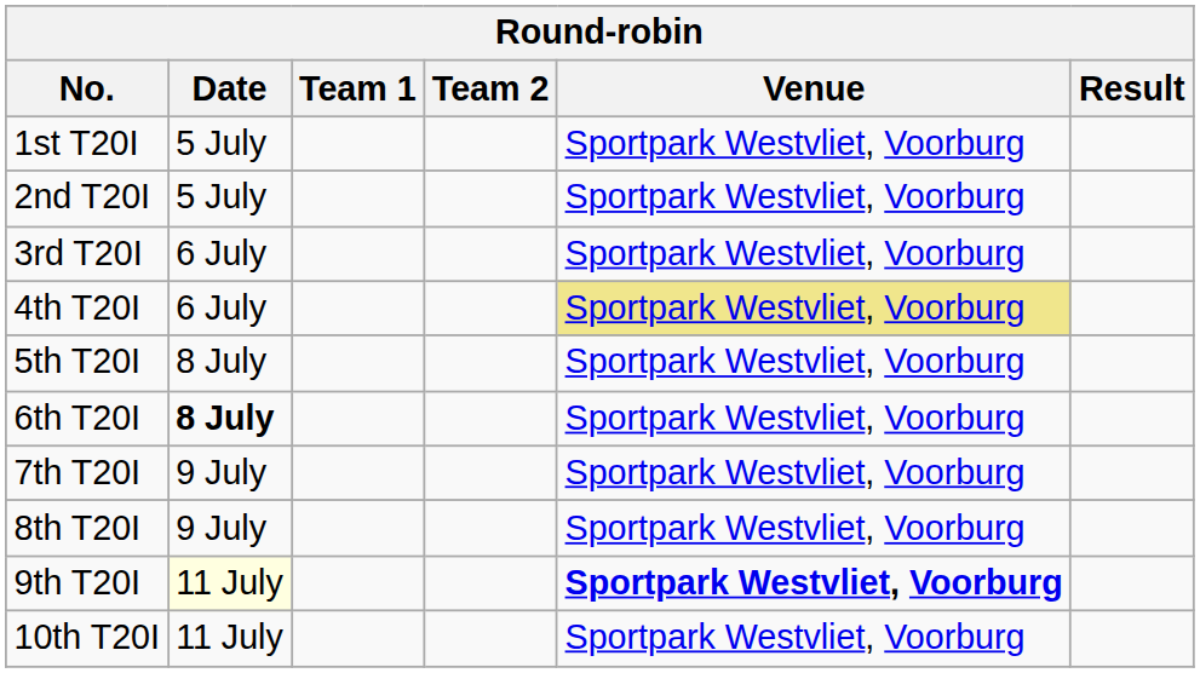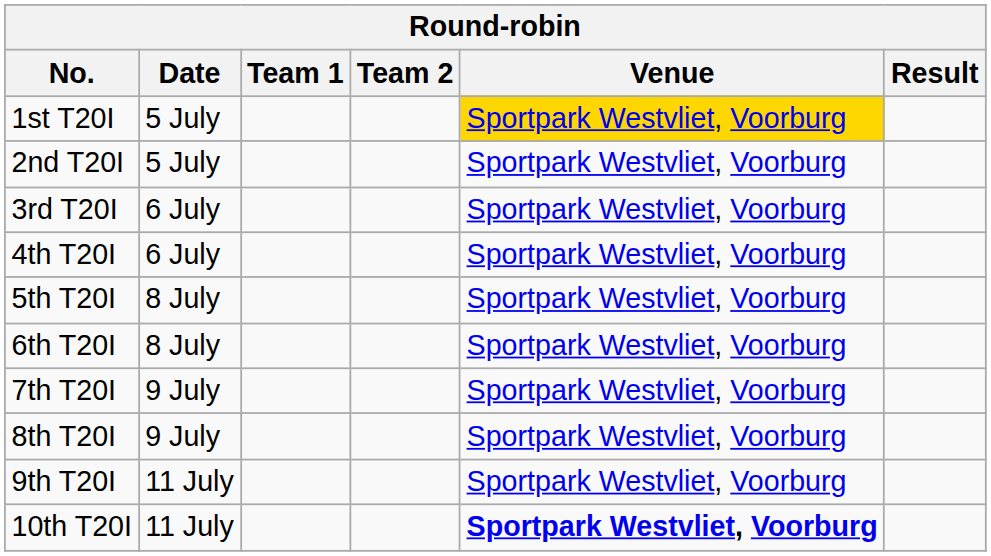 <table class="wikitable">
 <tr>
 <th colspan="6">Round-robin</th>
 </tr>
 <tr>
 <th>No.</th>
 <th>Date</th>
 <th>Team 1</th>
 <th>Team 2</th>
 <th>Venue</th>
 <th>Result</th>
 </tr>
 <tr>
 <td>1st T20I</td>
 <td>5 July</td>
 <td></td>
 <td></td>
-<td><a href='#'>Sportpark Westvliet</a>, <a href='#'>Voorburg</a></td>
+<td style="background: gold;"><a href='#'>Sportpark Westvliet</a>, <a href='#'>Voorburg</a></td>
 <td></td>
 </tr>
 <tr>
 <td>2nd T20I</td>
 <td>5 July</td>
 <td></td>
 <td></td>
 <td><a href='#'>Sportpark Westvliet</a>, <a href='#'>Voorburg</a></td>
 <td></td>
 </tr>
 <tr>
 <td>3rd T20I</td>
 <td>6 July</td>
 <td></td>
 <td></td>
 <td><a href='#'>Sportpark Westvliet</a>, <a href='#'>Voorburg</a></td>
 <td></td>
 </tr>
 <tr>
 <td>4th T20I</td>
 <td>6 July</td>
 <td></td>
 <td></td>
-<td style="background: khaki;"><a href='#'>Sportpark Westvliet</a>, <a href='#'>Voorburg</a></td>
+<td><a href='#'>Sportpark Westvliet</a>, <a href='#'>Voorburg</a></td>
 <td></td>
 </tr>
 <tr>
 <td>5th T20I</td>
 <td>8 July</td>
 <td></td>
 <td></td>
 <td><a href='#'>Sportpark Westvliet</a>, <a href='#'>Voorburg</a></td>
 <td></td>
 </tr>
 <tr>
 <td>6th T20I</td>
-<td><strong>8 July</strong></td>
+<td>8 July</td>
 <td></td>
 <td></td>
 <td><a href='#'>Sportpark Westvliet</a>, <a href='#'>Voorburg</a></td>
 <td></td>
 </tr>
 <tr>
 <td>7th T20I</td>
 <td>9 July</td>
 <td></td>
 <td></td>
 <td><a href='#'>Sportpark Westvliet</a>, <a href='#'>Voorburg</a></td>
 <td></td>
 </tr>
 <tr>
 <td>8th T20I</td>
 <td>9 July</td>
 <td></td>
 <td></td>
 <td><a href='#'>Sportpark Westvliet</a>, <a href='#'>Voorburg</a></td>
 <td></td>
 </tr>
 <tr>
 <td>9th T20I</td>
-<td style="background: lightyellow;">11 July</td>
+<td>11 July</td>
 <td></td>
 <td></td>
-<td><strong><a href='#'>Sportpark Westvliet</a>, <a href='#'>Voorburg</a></strong></td>
+<td><a href='#'>Sportpark Westvliet</a>, <a href='#'>Voorburg</a></td>
 <td></td>
 </tr>
 <tr>
 <td>10th T20I</td>
 <td>11 July</td>
 <td></td>
 <td></td>
-<td><a href='#'>Sportpark Westvliet</a>, <a href='#'>Voorburg</a></td>
+<td><strong><a href='#'>Sportpark Westvliet</a>, <a href='#'>Voorburg</a></strong></td>
 <td></td>
 </tr>
 </table>
